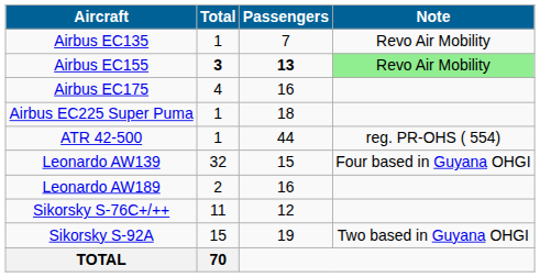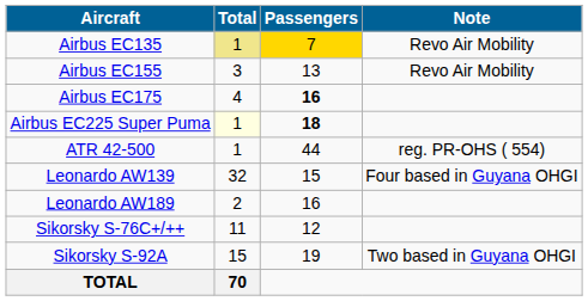 <table class="wikitable" style="border-collapse:collapse;text-align:center;margin: 1em auto;">
 <tr>
 <th style="background:#006196; color:white;">Aircraft</th>
 <th style="background:#006196; color:white;">Total</th>
 <th style="background:#006196; color:white;">Passengers</th>
 <th style="background:#006196; color:white;">Note</th>
 </tr>
 <tr>
 <td><a href='#'>Airbus EC135</a></td>
-<td>1</td>
-<td>7</td>
+<td style="background: khaki;">1</td>
+<td style="background: gold;">7</td>
 <td> Revo Air Mobility</td>
 </tr>
 <tr>
 <td><a href='#'>Airbus EC155</a></td>
-<td><strong>3</strong></td>
-<td><strong>13</strong></td>
-<td style="background: lightgreen;"> Revo Air Mobility</td>
+<td>3</td>
+<td>13</td>
+<td> Revo Air Mobility</td>
 </tr>
 <tr>
 <td><a href='#'>Airbus EC175</a></td>
 <td>4</td>
-<td>16</td>
+<td><strong>16</strong></td>
 <td></td>
 </tr>
 <tr>
 <td><a href='#'>Airbus EC225 Super Puma</a></td>
-<td>1</td>
-<td>18</td>
+<td style="background: lightyellow;">1</td>
+<td><strong>18</strong></td>
 <td></td>
 </tr>
 <tr>
 <td><a href='#'>ATR 42-500</a></td>
 <td>1</td>
 <td>44</td>
 <td>reg. PR-OHS ( 554)</td>
 </tr>
 <tr>
 <td><a href='#'>Leonardo AW139</a></td>
 <td>32</td>
 <td>15</td>
 <td>Four based in <a href='#'>Guyana</a>  OHGI</td>
 </tr>
 <tr>
 <td><a href='#'>Leonardo AW189</a></td>
 <td>2</td>
 <td>16</td>
 <td></td>
 </tr>
 <tr>
 <td><a href='#'>Sikorsky S-76C+/++</a></td>
 <td>11</td>
 <td>12</td>
 <td></td>
 </tr>
 <tr>
 <td><a href='#'>Sikorsky S-92A</a></td>
 <td>15</td>
 <td>19</td>
 <td>Two based in <a href='#'>Guyana</a>  OHGI</td>
 </tr>
 <tr>
 <th>TOTAL</th>
 <th colspan="1">70</th>
 </tr>
 </table>
